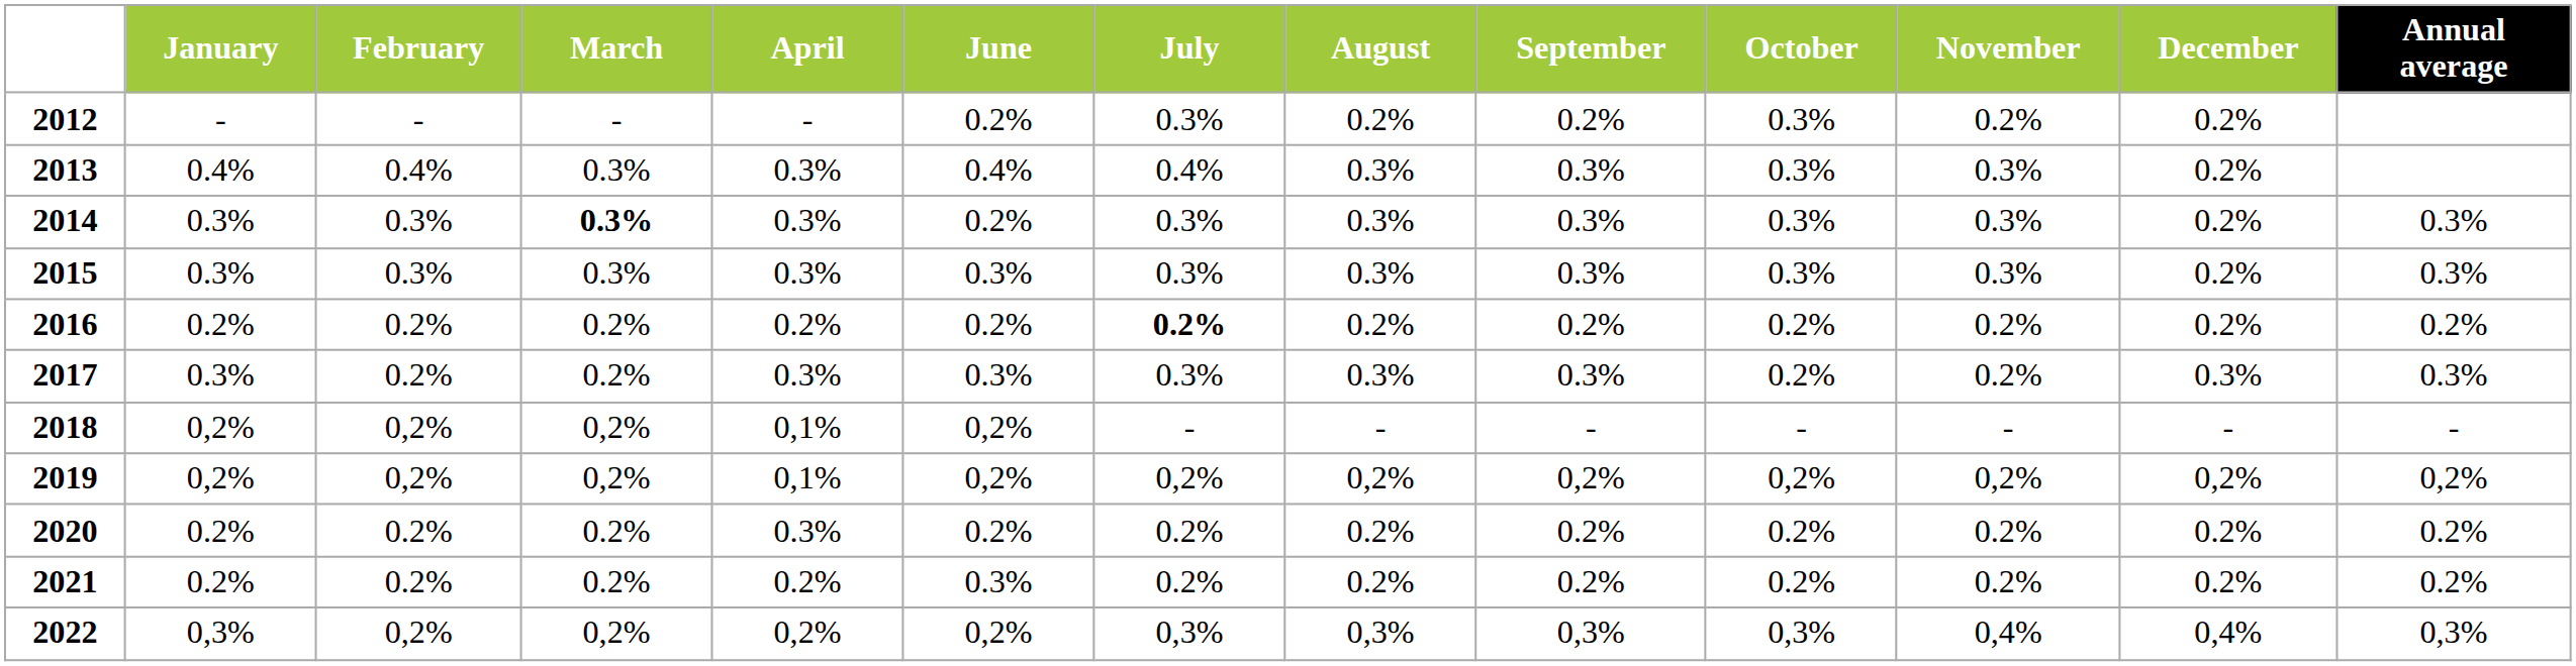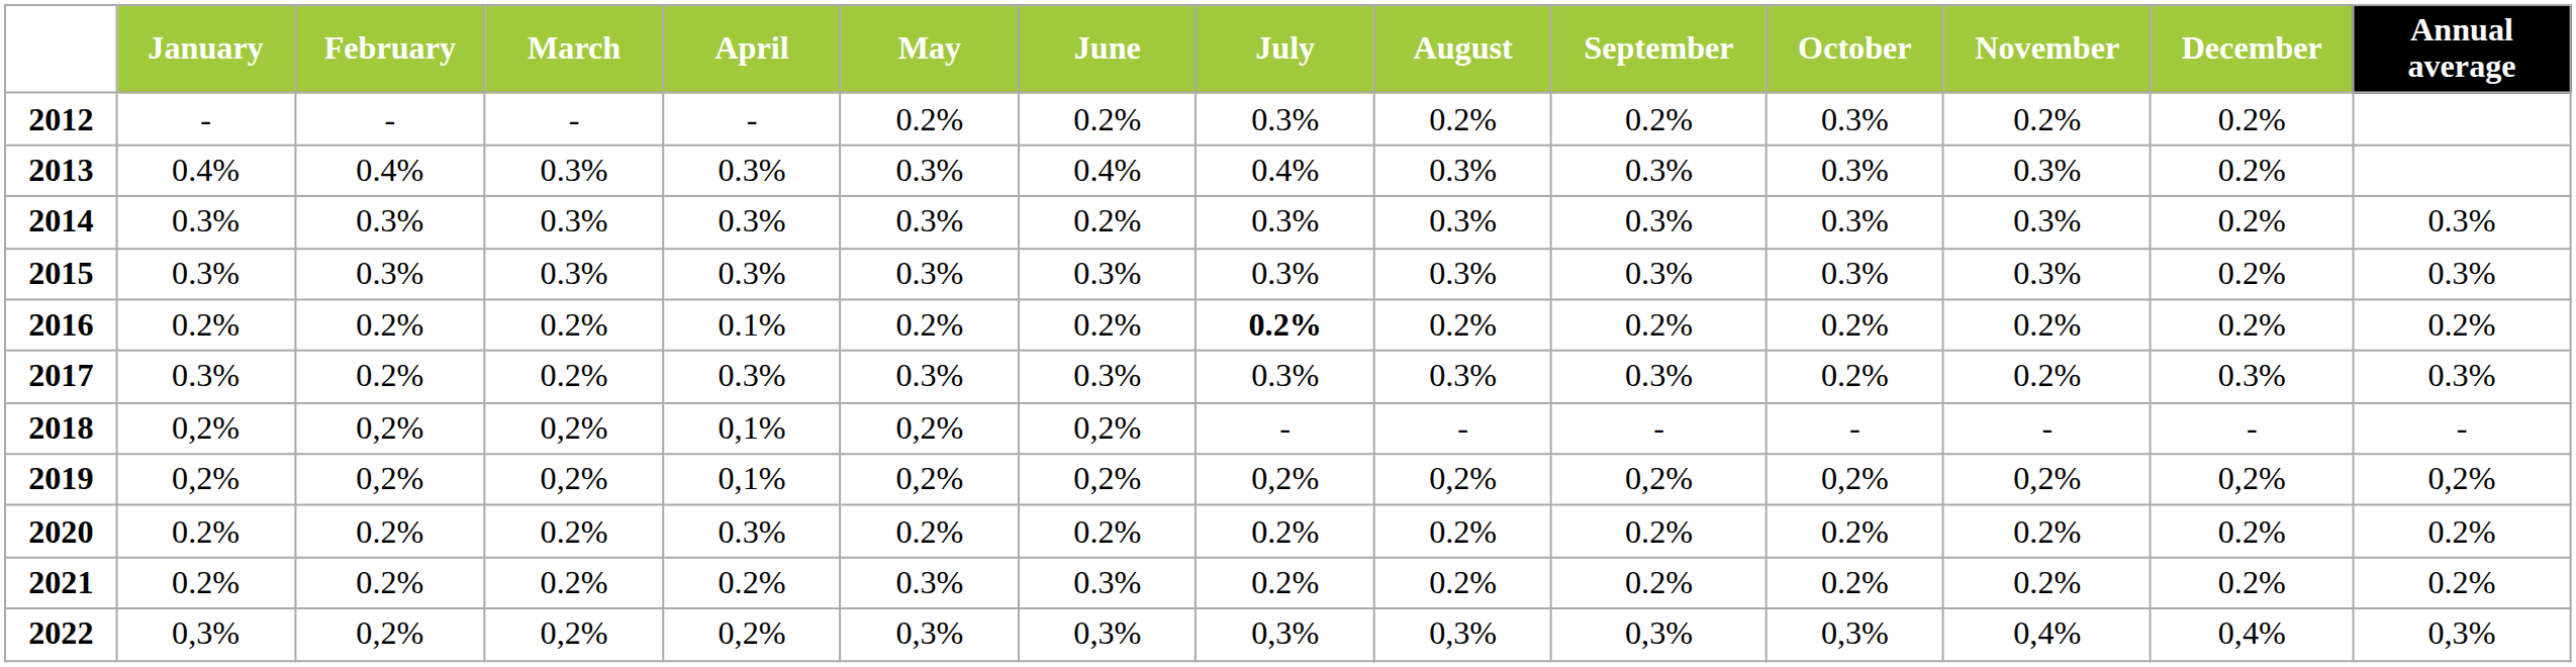 <table class="wikitable" style="width:100%; margin:auto; background:#ffffff;">
 <tr>
 <th style="background:#FFFFFF; color:#ffffff;" width="35px"></th>
 <th style="background:#A1C93C; color:#ffffff;" width="60px">January</th>
 <th style="background:#A1C93C; color:#ffffff;" width="60px">February</th>
 <th style="background:#A1C93C; color:#ffffff;" width="60px">March</th>
 <th style="background:#A1C93C; color:#ffffff;" width="60px">April</th>
+<th style="background:#A1C93C; color:#ffffff;" width="60px">May</th>
 <th style="background:#A1C93C; color:#ffffff;" width="60px">June</th>
 <th style="background:#A1C93C; color:#ffffff;" width="60px">July</th>
 <th style="background:#A1C93C; color:#ffffff;" width="60px">August</th>
 <th style="background:#A1C93C; color:#ffffff;" width="60px">September</th>
 <th style="background:#A1C93C; color:#ffffff;" width="60px">October</th>
 <th style="background:#A1C93C; color:#ffffff;" width="60px">November</th>
 <th style="background:#A1C93C; color:#ffffff;" width="60px">December</th>
 <th style="background:#000000; color:#ffffff;" width="75px">Annual average</th>
 </tr>
 <tr align="center">
 <td><strong>2012</strong></td>
 <td>-</td>
 <td>-</td>
 <td>-</td>
 <td>-</td>
 <td>0.2%</td>
+<td>0.2%</td>
 <td>0.3%</td>
 <td>0.2%</td>
 <td>0.2%</td>
 <td>0.3%</td>
 <td>0.2%</td>
 <td>0.2%</td>
 <td></td>
 </tr>
 <tr align="center">
 <td><strong>2013</strong></td>
 <td>0.4%</td>
 <td>0.4%</td>
+<td>0.3%</td>
 <td>0.3%</td>
 <td>0.3%</td>
 <td>0.4%</td>
 <td>0.4%</td>
 <td>0.3%</td>
 <td>0.3%</td>
 <td>0.3%</td>
 <td>0.3%</td>
 <td>0.2%</td>
 <td></td>
 </tr>
 <tr align="center">
 <td><strong>2014</strong></td>
 <td>0.3%</td>
 <td>0.3%</td>
-<td><strong>0.3%</strong></td>
+<td>0.3%</td>
+<td>0.3%</td>
 <td>0.3%</td>
 <td>0.2%</td>
 <td>0.3%</td>
 <td>0.3%</td>
 <td>0.3%</td>
 <td>0.3%</td>
 <td>0.3%</td>
 <td>0.2%</td>
 <td>0.3%</td>
 </tr>
 <tr align="center">
 <td><strong>2015</strong></td>
 <td>0.3%</td>
 <td>0.3%</td>
 <td>0.3%</td>
 <td>0.3%</td>
 <td>0.3%</td>
 <td>0.3%</td>
 <td>0.3%</td>
 <td>0.3%</td>
 <td>0.3%</td>
 <td>0.3%</td>
+<td>0.3%</td>
 <td>0.2%</td>
 <td>0.3%</td>
 </tr>
 <tr align="center">
 <td><strong>2016</strong></td>
 <td>0.2%</td>
 <td>0.2%</td>
 <td>0.2%</td>
+<td>0.1%</td>
 <td>0.2%</td>
 <td>0.2%</td>
 <td><strong>0.2%</strong></td>
 <td>0.2%</td>
 <td>0.2%</td>
 <td>0.2%</td>
 <td>0.2%</td>
 <td>0.2%</td>
 <td> 0.2%</td>
 </tr>
 <tr align="center">
 <td><strong>2017</strong></td>
 <td>0.3%</td>
 <td>0.2%</td>
 <td>0.2%</td>
 <td>0.3%</td>
 <td>0.3%</td>
 <td>0.3%</td>
 <td>0.3%</td>
 <td>0.3%</td>
+<td>0.3%</td>
 <td>0.2%</td>
 <td>0.2%</td>
 <td>0.3%</td>
 <td> 0.3%</td>
 </tr>
 <tr align="center">
 <td><strong>2018</strong></td>
 <td>0,2%</td>
 <td>0,2%</td>
 <td>0,2%</td>
 <td>0,1%</td>
+<td>0,2%</td>
 <td>0,2%</td>
 <td>-</td>
 <td>-</td>
 <td>-</td>
 <td>-</td>
 <td>-</td>
 <td>-</td>
 <td>-</td>
 </tr>
 <tr align="center">
 <td><strong>2019</strong></td>
 <td>0,2%</td>
 <td>0,2%</td>
 <td>0,2%</td>
 <td>0,1%</td>
 <td>0,2%</td>
 <td>0,2%</td>
 <td>0,2%</td>
 <td>0,2%</td>
 <td>0,2%</td>
 <td>0,2%</td>
 <td>0,2%</td>
 <td>0,2%</td>
+<td>0,2%</td>
 </tr>
 <tr align="center">
 <td><strong>2020</strong></td>
 <td>0.2%</td>
 <td>0.2%</td>
 <td>0.2%</td>
 <td>0.3%</td>
+<td>0.2%</td>
 <td>0.2%</td>
 <td>0.2%</td>
 <td>0.2%</td>
 <td>0.2%</td>
 <td>0.2%</td>
 <td>0.2%</td>
 <td>0.2%</td>
 <td>0.2%</td>
 </tr>
 <tr align="center">
 <td><strong>2021</strong></td>
 <td>0.2%</td>
 <td>0.2%</td>
 <td>0.2%</td>
 <td>0.2%</td>
 <td>0.3%</td>
+<td>0.3%</td>
 <td>0.2%</td>
 <td>0.2%</td>
 <td>0.2%</td>
 <td>0.2%</td>
 <td>0.2%</td>
 <td>0.2%</td>
 <td>0.2%</td>
 </tr>
 <tr align="center">
 <td><strong>2022</strong></td>
 <td>0,3%</td>
 <td>0,2%</td>
 <td>0,2%</td>
 <td>0,2%</td>
-<td>0,2%</td>
+<td>0,3%</td>
+<td>0,3%</td>
 <td>0,3%</td>
 <td>0,3%</td>
 <td>0,3%</td>
 <td>0,3%</td>
 <td>0,4%</td>
 <td>0,4%</td>
 <td> 0,3%</td>
 </tr>
 </table>
